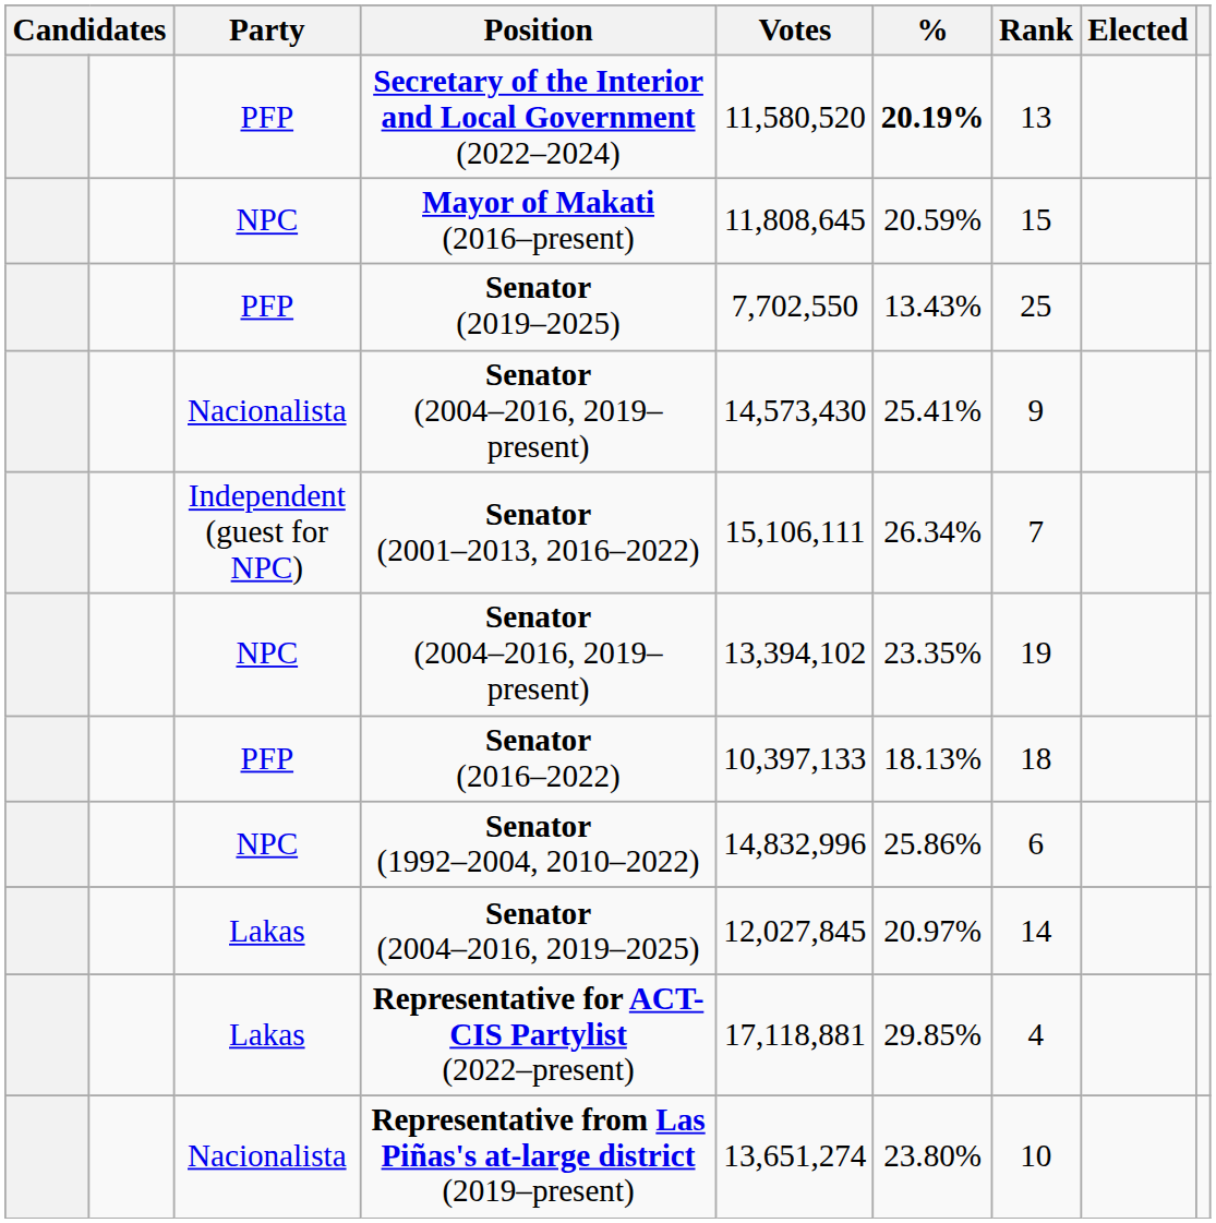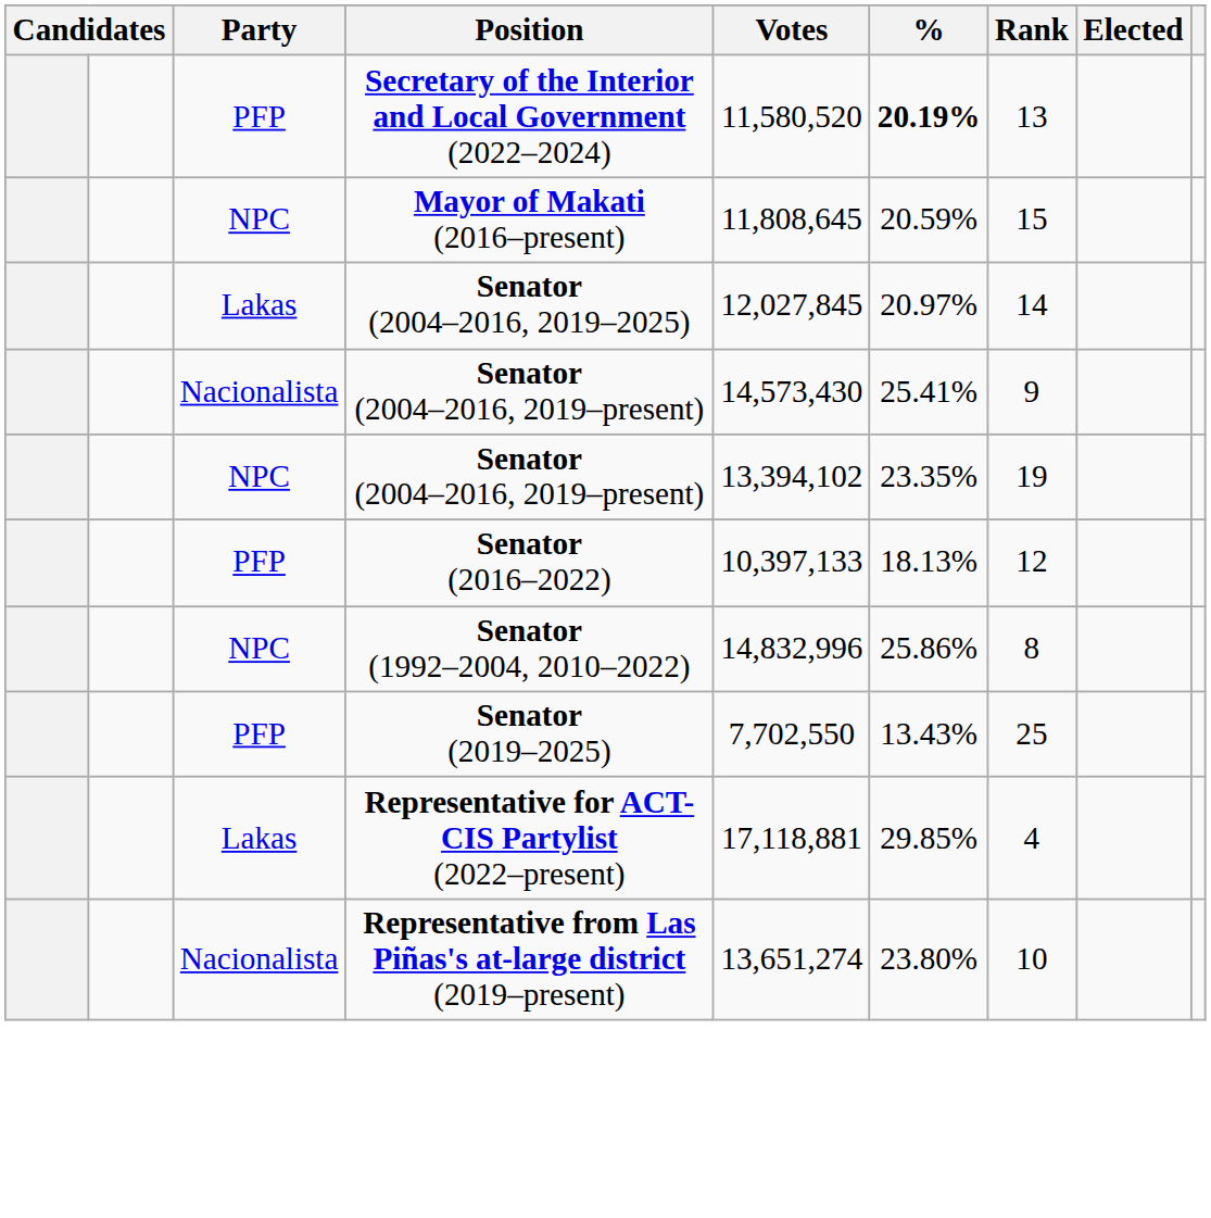 <table class="wikitable sortable" style="text-align:center;font-size:100%;"|+ Parties and coalitions participating in the 2025 Philippine general election>
 <tr>
 <th colspan="2" class=unsortable>Candidates</th>
 <th class=unsortable>Party</th>
 <th class=unsortable>Position</th>
 <th>Votes</th>
 <th>%</th>
 <th>Rank</th>
 <th class=unsortable>Elected</th>
 <th class=unsortable></th>
 </tr>
 <tr>
 <th style="background:"></th>
 <td><strong></strong></td>
 <td><a href='#'>PFP</a></td>
 <td><a href='#'><strong>Secretary of the Interior and Local Government</strong></a><br>(2022–2024)</td>
 <td>11,580,520</td>
 <td><strong>20.19%</strong></td>
 <td>13</td>
 <td></td>
 <td></td>
 </tr>
 <tr>
 <th style="background:"></th>
 <td><strong></strong></td>
 <td><a href='#'>NPC</a></td>
 <td><strong><a href='#'>Mayor of Makati</a></strong><br>(2016–present)</td>
 <td>11,808,645</td>
 <td>20.59%</td>
 <td>15</td>
 <td></td>
 <td></td>
 </tr>
 <tr>
 <th style="background:"></th>
 <td><strong></strong></td>
-<td><a href='#'>PFP</a></td>
-<td><strong>Senator</strong><br>(2019–2025)</td>
-<td>7,702,550</td>
-<td>13.43%</td>
-<td>25</td>
+<td><a href='#'>Lakas</a></td>
+<td><strong>Senator</strong><br>(2004–2016, 2019–2025)</td>
+<td>12,027,845</td>
+<td>20.97%</td>
+<td>14</td>
 <td></td>
 <td></td>
 </tr>
 <tr>
 <th style="background:"></th>
 <td><strong></strong></td>
 <td><a href='#'>Nacionalista</a></td>
 <td><strong>Senator</strong><br>(2004–2016, 2019–present)</td>
 <td>14,573,430</td>
 <td>25.41%</td>
 <td>9</td>
-<td></td>
-<td></td>
-</tr>
-<tr>
-<th style="background:"></th>
-<td><strong></strong></td>
-<td><a href='#'>Independent</a><br>(guest for <a href='#'>NPC</a>)</td>
-<td><strong>Senator</strong><br>(2001–2013, 2016–2022)</td>
-<td>15,106,111</td>
-<td>26.34%</td>
-<td>7</td>
 <td></td>
 <td></td>
 </tr>
 <tr>
 <th style="background:"></th>
 <td><strong></strong></td>
 <td><a href='#'>NPC</a></td>
 <td><strong>Senator</strong><br>(2004–2016, 2019–present)</td>
 <td>13,394,102</td>
 <td>23.35%</td>
 <td>19</td>
 <td></td>
 <td></td>
 </tr>
 <tr>
 <th style="background:"></th>
 <td><strong></strong></td>
 <td><a href='#'>PFP</a></td>
 <td><strong>Senator</strong><br>(2016–2022)</td>
 <td>10,397,133</td>
 <td>18.13%</td>
-<td>18</td>
+<td>12</td>
 <td></td>
 <td></td>
 </tr>
 <tr>
 <th style="background:"></th>
 <td><strong></strong></td>
 <td><a href='#'>NPC</a></td>
 <td><strong>Senator</strong><br>(1992–2004, 2010–2022)</td>
 <td>14,832,996</td>
 <td>25.86%</td>
-<td>6</td>
+<td>8</td>
 <td></td>
 <td></td>
 </tr>
 <tr>
 <th style="background:"></th>
 <td><strong></strong></td>
-<td><a href='#'>Lakas</a></td>
-<td><strong>Senator</strong><br>(2004–2016, 2019–2025)</td>
-<td>12,027,845</td>
-<td>20.97%</td>
-<td>14</td>
+<td><a href='#'>PFP</a></td>
+<td><strong>Senator</strong><br>(2019–2025)</td>
+<td>7,702,550</td>
+<td>13.43%</td>
+<td>25</td>
 <td></td>
 <td></td>
 </tr>
 <tr>
 <th style="background:"></th>
 <td><strong></strong></td>
 <td><a href='#'>Lakas</a></td>
 <td><strong>Representative for <a href='#'>ACT-CIS Partylist</a></strong><br>(2022–present)</td>
 <td>17,118,881</td>
 <td>29.85%</td>
 <td>4</td>
 <td></td>
 <td></td>
 </tr>
 <tr>
 <th style="background:"></th>
 <td><strong></strong></td>
 <td><a href='#'>Nacionalista</a></td>
 <td><strong>Representative from <a href='#'>Las Piñas's at-large district</a></strong><br>(2019–present)</td>
 <td>13,651,274</td>
 <td>23.80%</td>
 <td>10</td>
 <td></td>
 <td></td>
 </tr>
 </table>
